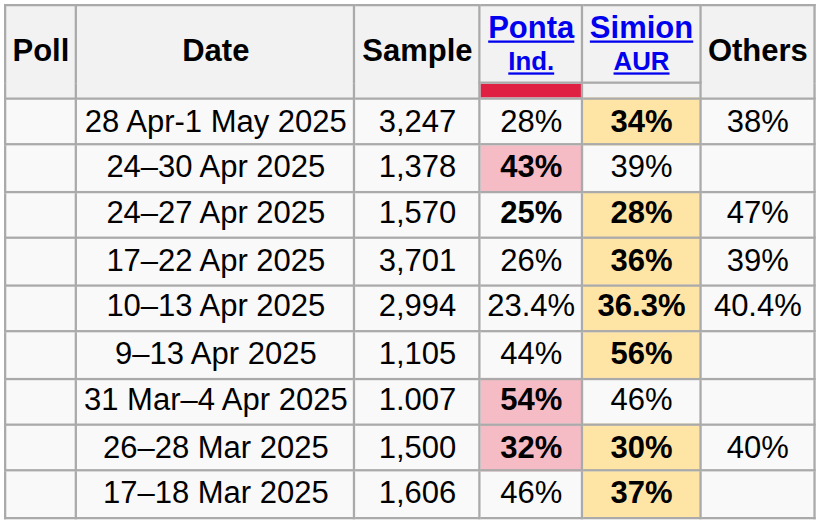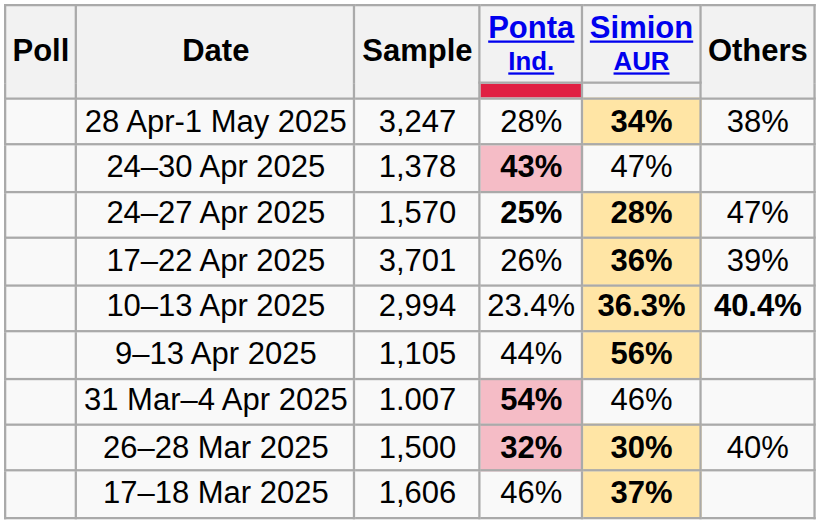 <table class="wikitable sortable" style="text-align:center;font-size:85%;line-height:14px;">
 <tr>
 <th rowspan="2">Poll</th>
 <th rowspan="2">Date</th>
 <th rowspan="2" style="width:35px;">Sample</th>
 <th class="unsortable" style="width:20px;"><a href='#'>Ponta</a><br><small><a href='#'>Ind.</a></small></th>
 <th class="unsortable" style="width:20px;"><a href='#'>Simion</a><br><small><a href='#'>AUR</a></small></th>
 <th rowspan="2">Others</th>
 </tr>
 <tr>
 <th style="background:#E02043; "></th>
 <th style="background:"></th>
 </tr>
 <tr>
 <td></td>
 <td>28 Apr-1 May 2025</td>
 <td>3,247</td>
 <td>28%</td>
 <td style="background:#FFE5A5"><strong>34%</strong></td>
 <td>38%</td>
 </tr>
 <tr>
 <td></td>
 <td>24–30 Apr 2025</td>
 <td>1,378</td>
 <td style="background:#F5BCC6"><strong>43%</strong></td>
-<td>39%</td>
+<td>47%</td>
 <td></td>
 </tr>
 <tr>
 <td></td>
 <td>24–27 Apr 2025</td>
 <td>1,570</td>
 <td><strong>25%</strong></td>
 <td style="background:#FFE5A5"><strong>28%</strong></td>
 <td>47%</td>
 </tr>
 <tr>
 <td></td>
 <td>17–22 Apr 2025</td>
 <td>3,701</td>
 <td>26%</td>
 <td style="background:#FFE5A5"><strong>36%</strong></td>
 <td>39%</td>
 </tr>
 <tr>
 <td></td>
 <td>10–13 Apr 2025</td>
 <td>2,994</td>
 <td>23.4%</td>
 <td style="background:#FFE5A5"><strong>36.3%</strong></td>
-<td>40.4%</td>
+<td><strong>40.4%</strong></td>
 </tr>
 <tr>
 <td></td>
 <td>9–13 Apr 2025</td>
 <td>1,105</td>
 <td>44%</td>
 <td style="background:#ffe5a5"><strong>56%</strong></td>
 <td></td>
 </tr>
 <tr>
 <td></td>
 <td>31 Mar–4 Apr 2025</td>
 <td>1.007</td>
 <td style="background:#F5BCC6;"><strong>54%</strong></td>
 <td>46%</td>
 <td></td>
 </tr>
 <tr>
 <td></td>
 <td>26–28 Mar 2025</td>
 <td>1,500</td>
 <td style="background:#F5BCC6"><strong>32%</strong></td>
 <td style="background:#FFE5A5"><strong>30%</strong></td>
 <td>40%</td>
 </tr>
 <tr>
 <td></td>
 <td>17–18 Mar 2025</td>
 <td>1,606</td>
 <td>46%</td>
 <td style="background:#ffe5a5;"><strong>37%</strong></td>
 <td></td>
 </tr>
 </table>
